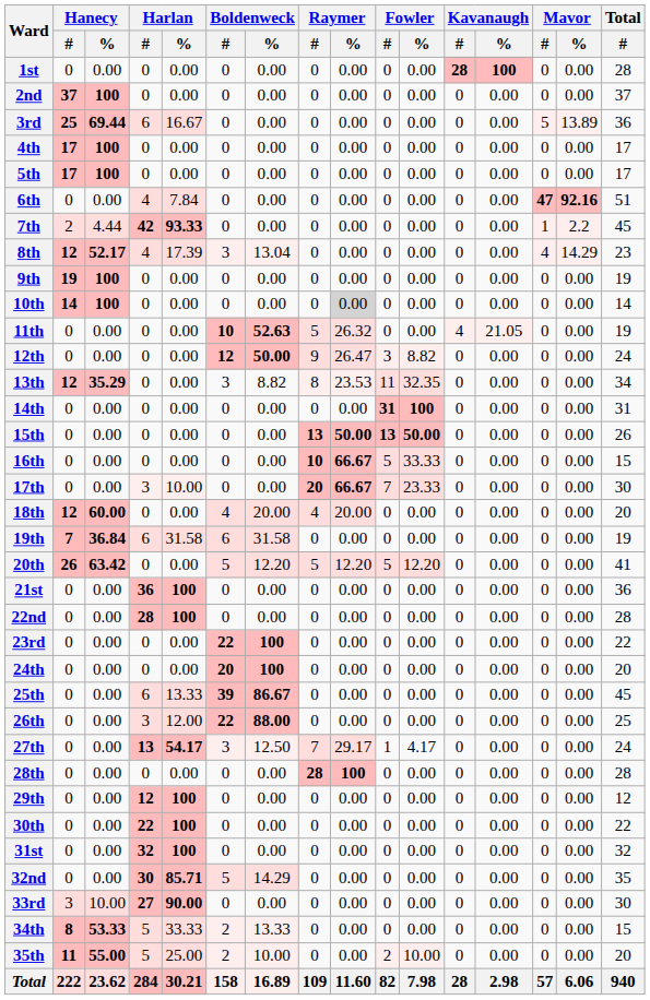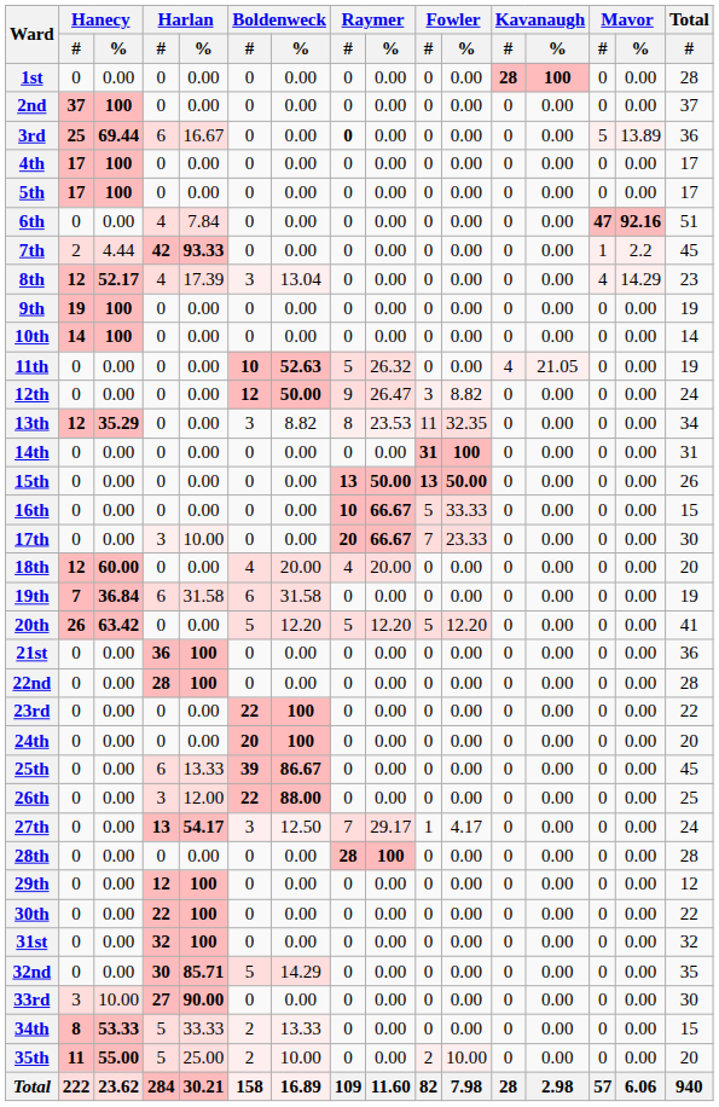 <table class="wikitable mw-collapsible mw-collapsed" style="text-align: center">
 <tr>
 <th rowspan=2>Ward</th>
 <th colspan=2><a href='#'>Hanecy</a></th>
 <th colspan=2><a href='#'>Harlan</a></th>
 <th colspan=2><a href='#'>Boldenweck</a></th>
 <th colspan=2><a href='#'>Raymer</a></th>
 <th colspan=2><a href='#'>Fowler</a></th>
 <th colspan=2><a href='#'>Kavanaugh</a></th>
 <th colspan=2><a href='#'>Mavor</a></th>
 <th>Total</th>
 </tr>
 <tr>
 <th>#</th>
 <th>%</th>
 <th>#</th>
 <th>%</th>
 <th>#</th>
 <th>%</th>
 <th>#</th>
 <th>%</th>
 <th>#</th>
 <th>%</th>
 <th>#</th>
 <th>%</th>
 <th>#</th>
 <th>%</th>
 <th>#</th>
 </tr>
 <tr>
 <th><a href='#'>1st</a></th>
 <td>0</td>
 <td>0.00</td>
 <td>0</td>
 <td>0.00</td>
 <td>0</td>
 <td>0.00</td>
 <td>0</td>
 <td>0.00</td>
 <td>0</td>
 <td>0.00</td>
 <td style="background:#fbb;"><strong>28</strong></td>
 <td style="background:#fbb;"><strong>100</strong></td>
 <td>0</td>
 <td>0.00</td>
 <td>28</td>
 </tr>
 <tr>
 <th><a href='#'>2nd</a></th>
 <td style="background:#fbb;"><strong>37</strong></td>
 <td style="background:#fbb;"><strong>100</strong></td>
 <td>0</td>
 <td>0.00</td>
 <td>0</td>
 <td>0.00</td>
 <td>0</td>
 <td>0.00</td>
 <td>0</td>
 <td>0.00</td>
 <td>0</td>
 <td>0.00</td>
 <td>0</td>
 <td>0.00</td>
 <td>37</td>
 </tr>
 <tr>
 <th><a href='#'>3rd</a></th>
 <td style="background:#fbb;"><strong>25</strong></td>
 <td style="background:#fbb;"><strong>69.44</strong></td>
 <td style="background:#fdd;">6</td>
 <td style="background:#fdd;">16.67</td>
 <td>0</td>
 <td>0.00</td>
-<td>0</td>
+<td><strong>0</strong></td>
 <td>0.00</td>
 <td>0</td>
 <td>0.00</td>
 <td>0</td>
 <td>0.00</td>
 <td style="background:#fee;">5</td>
 <td style="background:#feee;">13.89</td>
 <td>36</td>
 </tr>
 <tr>
 <th><a href='#'>4th</a></th>
 <td style="background:#fbb;"><strong>17</strong></td>
 <td style="background:#fbb;"><strong>100</strong></td>
 <td>0</td>
 <td>0.00</td>
 <td>0</td>
 <td>0.00</td>
 <td>0</td>
 <td>0.00</td>
 <td>0</td>
 <td>0.00</td>
 <td>0</td>
 <td>0.00</td>
 <td>0</td>
 <td>0.00</td>
 <td>17</td>
 </tr>
 <tr>
 <th><a href='#'>5th</a></th>
 <td style="background:#fbb;"><strong>17</strong></td>
 <td style="background:#fbb;"><strong>100</strong></td>
 <td>0</td>
 <td>0.00</td>
 <td>0</td>
 <td>0.00</td>
 <td>0</td>
 <td>0.00</td>
 <td>0</td>
 <td>0.00</td>
 <td>0</td>
 <td>0.00</td>
 <td>0</td>
 <td>0.00</td>
 <td>17</td>
 </tr>
 <tr>
 <th><a href='#'>6th</a></th>
 <td>0</td>
 <td>0.00</td>
 <td style="background:#fdd;">4</td>
 <td style="background:#fdd;">7.84</td>
 <td>0</td>
 <td>0.00</td>
 <td>0</td>
 <td>0.00</td>
 <td>0</td>
 <td>0.00</td>
 <td>0</td>
 <td>0.00</td>
 <td style="background:#fbb;"><strong>47</strong></td>
 <td style="background:#fbb;"><strong>92.16</strong></td>
 <td>51</td>
 </tr>
 <tr>
 <th><a href='#'>7th</a></th>
 <td style="background:#fdd;">2</td>
 <td style="background:#fdd;">4.44</td>
 <td style="background:#fbb;"><strong>42</strong></td>
 <td style="background:#fbb;"><strong>93.33</strong></td>
 <td>0</td>
 <td>0.00</td>
 <td>0</td>
 <td>0.00</td>
 <td>0</td>
 <td>0.00</td>
 <td>0</td>
 <td>0.00</td>
 <td style="background:#fee;">1</td>
 <td style="background:#fee;">2.2</td>
 <td>45</td>
 </tr>
 <tr>
 <th><a href='#'>8th</a></th>
 <td style="background:#fbb;"><strong>12</strong></td>
 <td style="background:#fbb;"><strong>52.17</strong></td>
 <td style="background:#fdd;">4</td>
 <td style="background:#fdd;">17.39</td>
 <td style="background:#fee;">3</td>
 <td style="background:#fee;">13.04</td>
 <td>0</td>
 <td>0.00</td>
 <td>0</td>
 <td>0.00</td>
 <td>0</td>
 <td>0.00</td>
 <td style="background:#fee;">4</td>
 <td style="background:#fee;">14.29</td>
 <td>23</td>
 </tr>
 <tr>
 <th><a href='#'>9th</a></th>
 <td style="background:#fbb;"><strong>19</strong></td>
 <td style="background:#fbb;"><strong>100</strong></td>
 <td>0</td>
 <td>0.00</td>
 <td>0</td>
 <td>0.00</td>
 <td>0</td>
 <td>0.00</td>
 <td>0</td>
 <td>0.00</td>
 <td>0</td>
 <td>0.00</td>
 <td>0</td>
 <td>0.00</td>
 <td>19</td>
 </tr>
 <tr>
 <th><a href='#'>10th</a></th>
 <td style="background:#fbb;"><strong>14</strong></td>
 <td style="background:#fbb;"><strong>100</strong></td>
 <td>0</td>
 <td>0.00</td>
 <td>0</td>
 <td>0.00</td>
 <td>0</td>
-<td style="background: lightgrey;">0.00</td>
+<td>0.00</td>
 <td>0</td>
 <td>0.00</td>
 <td>0</td>
 <td>0.00</td>
 <td>0</td>
 <td>0.00</td>
 <td>14</td>
 </tr>
 <tr>
 <th><a href='#'>11th</a></th>
 <td>0</td>
 <td>0.00</td>
 <td>0</td>
 <td>0.00</td>
 <td style="background:#fbb;"><strong>10</strong></td>
 <td style="background:#fbb;"><strong>52.63</strong></td>
 <td style="background:#fdd;">5</td>
 <td style="background:#fdd;">26.32</td>
 <td>0</td>
 <td>0.00</td>
 <td style="background:#fee;">4</td>
 <td style="background:#fee;">21.05</td>
 <td>0</td>
 <td>0.00</td>
 <td>19</td>
 </tr>
 <tr>
 <th><a href='#'>12th</a></th>
 <td>0</td>
 <td>0.00</td>
 <td>0</td>
 <td>0.00</td>
 <td style="background:#fbb;"><strong>12</strong></td>
 <td style="background:#fbb;"><strong>50.00</strong></td>
 <td style="background:#fdd;">9</td>
 <td style="background:#fdd;">26.47</td>
 <td style="background:#fee;">3</td>
 <td style="background:#fee;">8.82</td>
 <td>0</td>
 <td>0.00</td>
 <td>0</td>
 <td>0.00</td>
 <td>24</td>
 </tr>
 <tr>
 <th><a href='#'>13th</a></th>
 <td style="background:#fbb;"><strong>12</strong></td>
 <td style="background:#fbb;"><strong>35.29</strong></td>
 <td>0</td>
 <td>0.00</td>
 <td>3</td>
 <td>8.82</td>
 <td style="background:#fee;">8</td>
 <td style="background:#fee;">23.53</td>
 <td style="background:#fdd;">11</td>
 <td style="background:#fdd;">32.35</td>
 <td>0</td>
 <td>0.00</td>
 <td>0</td>
 <td>0.00</td>
 <td>34</td>
 </tr>
 <tr>
 <th><a href='#'>14th</a></th>
 <td>0</td>
 <td>0.00</td>
 <td>0</td>
 <td>0.00</td>
 <td>0</td>
 <td>0.00</td>
 <td>0</td>
 <td>0.00</td>
 <td style="background:#fbb;"><strong>31</strong></td>
 <td style="background:#fbb;"><strong>100</strong></td>
 <td>0</td>
 <td>0.00</td>
 <td>0</td>
 <td>0.00</td>
 <td>31</td>
 </tr>
 <tr>
 <th><a href='#'>15th</a></th>
 <td>0</td>
 <td>0.00</td>
 <td>0</td>
 <td>0.00</td>
 <td>0</td>
 <td>0.00</td>
 <td style="background:#fbb;"><strong>13</strong></td>
 <td style="background:#fbb;"><strong>50.00</strong></td>
 <td style="background:#fbb;"><strong>13</strong></td>
 <td style="background:#fbb;"><strong>50.00</strong></td>
 <td>0</td>
 <td>0.00</td>
 <td>0</td>
 <td>0.00</td>
 <td>26</td>
 </tr>
 <tr>
 <th><a href='#'>16th</a></th>
 <td>0</td>
 <td>0.00</td>
 <td>0</td>
 <td>0.00</td>
 <td>0</td>
 <td>0.00</td>
 <td style="background:#fbb;"><strong>10 </strong></td>
 <td style="background:#fbb;"><strong>66.67</strong></td>
 <td style="background:#fdd;">5</td>
 <td style="background:#fdd;">33.33</td>
 <td>0</td>
 <td>0.00</td>
 <td>0</td>
 <td>0.00</td>
 <td>15</td>
 </tr>
 <tr>
 <th><a href='#'>17th</a></th>
 <td>0</td>
 <td>0.00</td>
 <td style="background:#fee;">3</td>
 <td style="background:#fee;">10.00</td>
 <td>0</td>
 <td>0.00</td>
 <td style="background:#fbb;"><strong>20</strong></td>
 <td style="background:#fbb;"><strong>66.67</strong></td>
 <td style="background:#fdd;">7</td>
 <td style="background:#fdd;">23.33</td>
 <td>0</td>
 <td>0.00</td>
 <td>0</td>
 <td>0.00</td>
 <td>30</td>
 </tr>
 <tr>
 <th><a href='#'>18th</a></th>
 <td style="background:#fbb;"><strong>12</strong></td>
 <td style="background:#fbb;"><strong>60.00</strong></td>
 <td>0</td>
 <td>0.00</td>
 <td style="background:#fdd;">4</td>
 <td style="background:#fdd;">20.00</td>
 <td style="background:#fdd;">4</td>
 <td style="background:#fdd;">20.00</td>
 <td>0</td>
 <td>0.00</td>
 <td>0</td>
 <td>0.00</td>
 <td>0</td>
 <td>0.00</td>
 <td>20</td>
 </tr>
 <tr>
 <th><a href='#'>19th</a></th>
 <td style="background:#fbb;"><strong>7</strong></td>
 <td style="background:#fbb;"><strong>36.84</strong></td>
 <td style="background:#fdd;">6</td>
 <td style="background:#fdd;">31.58</td>
 <td style="background:#fdd;">6</td>
 <td style="background:#fdd;">31.58</td>
 <td>0</td>
 <td>0.00</td>
 <td>0</td>
 <td>0.00</td>
 <td>0</td>
 <td>0.00</td>
 <td>0</td>
 <td>0.00</td>
 <td>19</td>
 </tr>
 <tr>
 <th><a href='#'>20th</a></th>
 <td style="background:#fbb;"><strong>26</strong></td>
 <td style="background:#fbb;"><strong>63.42</strong></td>
 <td>0</td>
 <td>0.00</td>
 <td style="background:#fdd;">5</td>
 <td style="background:#fdd;">12.20</td>
 <td style="background:#fdd;">5</td>
 <td style="background:#fdd;">12.20</td>
 <td style="background:#fdd;">5</td>
 <td style="background:#fdd;">12.20</td>
 <td>0</td>
 <td>0.00</td>
 <td>0</td>
 <td>0.00</td>
 <td>41</td>
 </tr>
 <tr>
 <th><a href='#'>21st</a></th>
 <td>0</td>
 <td>0.00</td>
 <td style="background:#fbb;"><strong>36</strong></td>
 <td style="background:#fbb;"><strong>100</strong></td>
 <td>0</td>
 <td>0.00</td>
 <td>0</td>
 <td>0.00</td>
 <td>0</td>
 <td>0.00</td>
 <td>0</td>
 <td>0.00</td>
 <td>0</td>
 <td>0.00</td>
 <td>36</td>
 </tr>
 <tr>
 <th><a href='#'>22nd</a></th>
 <td>0</td>
 <td>0.00</td>
 <td style="background:#fbb;"><strong>28</strong></td>
 <td style="background:#fbb;"><strong>100</strong></td>
 <td>0</td>
 <td>0.00</td>
 <td>0</td>
 <td>0.00</td>
 <td>0</td>
 <td>0.00</td>
 <td>0</td>
 <td>0.00</td>
 <td>0</td>
 <td>0.00</td>
 <td>28</td>
 </tr>
 <tr>
 <th><a href='#'>23rd</a></th>
 <td>0</td>
 <td>0.00</td>
 <td>0</td>
 <td>0.00</td>
 <td style="background:#fbb;"><strong>22</strong></td>
 <td style="background:#fbb;"><strong>100</strong></td>
 <td>0</td>
 <td>0.00</td>
 <td>0</td>
 <td>0.00</td>
 <td>0</td>
 <td>0.00</td>
 <td>0</td>
 <td>0.00</td>
 <td>22</td>
 </tr>
 <tr>
 <th><a href='#'>24th</a></th>
 <td>0</td>
 <td>0.00</td>
 <td>0</td>
 <td>0.00</td>
 <td style="background:#fbb;"><strong>20</strong></td>
 <td style="background:#fbb;"><strong>100</strong></td>
 <td>0</td>
 <td>0.00</td>
 <td>0</td>
 <td>0.00</td>
 <td>0</td>
 <td>0.00</td>
 <td>0</td>
 <td>0.00</td>
 <td>20</td>
 </tr>
 <tr>
 <th><a href='#'>25th</a></th>
 <td>0</td>
 <td>0.00</td>
 <td style="background:#fdd;">6</td>
 <td style="background:#fdd;">13.33</td>
 <td style="background:#fbb;"><strong>39</strong></td>
 <td style="background:#fbb;"><strong>86.67</strong></td>
 <td>0</td>
 <td>0.00</td>
 <td>0</td>
 <td>0.00</td>
 <td>0</td>
 <td>0.00</td>
 <td>0</td>
 <td>0.00</td>
 <td>45</td>
 </tr>
 <tr>
 <th><a href='#'>26th</a></th>
 <td>0</td>
 <td>0.00</td>
 <td style="background:#fdd;">3</td>
 <td style="background:#fdd;">12.00</td>
 <td style="background:#fbb;"><strong>22</strong></td>
 <td style="background:#fbb;"><strong>88.00</strong></td>
 <td>0</td>
 <td>0.00</td>
 <td>0</td>
 <td>0.00</td>
 <td>0</td>
 <td>0.00</td>
 <td>0</td>
 <td>0.00</td>
 <td>25</td>
 </tr>
 <tr>
 <th><a href='#'>27th</a></th>
 <td>0</td>
 <td>0.00</td>
 <td style="background:#fbb;"><strong>13</strong></td>
 <td style="background:#fbb;"><strong>54.17</strong></td>
 <td style="background:#fee;">3</td>
 <td style="background:#fee;">12.50</td>
 <td style="background:#fdd;">7</td>
 <td style="background:#fdd;">29.17</td>
 <td>1</td>
 <td>4.17</td>
 <td>0</td>
 <td>0.00</td>
 <td>0</td>
 <td>0.00</td>
 <td>24</td>
 </tr>
 <tr>
 <th><a href='#'>28th</a></th>
 <td>0</td>
 <td>0.00</td>
 <td>0</td>
 <td>0.00</td>
 <td>0</td>
 <td>0.00</td>
 <td style="background:#fbb;"><strong>28</strong></td>
 <td style="background:#fbb;"><strong>100</strong></td>
 <td>0</td>
 <td>0.00</td>
 <td>0</td>
 <td>0.00</td>
 <td>0</td>
 <td>0.00</td>
 <td>28</td>
 </tr>
 <tr>
 <th><a href='#'>29th</a></th>
 <td>0</td>
 <td>0.00</td>
 <td style="background:#fbb;"><strong>12</strong></td>
 <td style="background:#fbb;"><strong>100</strong></td>
 <td>0</td>
 <td>0.00</td>
 <td>0</td>
 <td>0.00</td>
 <td>0</td>
 <td>0.00</td>
 <td>0</td>
 <td>0.00</td>
 <td>0</td>
 <td>0.00</td>
 <td>12</td>
 </tr>
 <tr>
 <th><a href='#'>30th</a></th>
 <td>0</td>
 <td>0.00</td>
 <td style="background:#fbb;"><strong>22</strong></td>
 <td style="background:#fbb;"><strong>100</strong></td>
 <td>0</td>
 <td>0.00</td>
 <td>0</td>
 <td>0.00</td>
 <td>0</td>
 <td>0.00</td>
 <td>0</td>
 <td>0.00</td>
 <td>0</td>
 <td>0.00</td>
 <td>22</td>
 </tr>
 <tr>
 <th><a href='#'>31st</a></th>
 <td>0</td>
 <td>0.00</td>
 <td style="background:#fbb;"><strong>32</strong></td>
 <td style="background:#fbb;"><strong>100</strong></td>
 <td>0</td>
 <td>0.00</td>
 <td>0</td>
 <td>0.00</td>
 <td>0</td>
 <td>0.00</td>
 <td>0</td>
 <td>0.00</td>
 <td>0</td>
 <td>0.00</td>
 <td>32</td>
 </tr>
 <tr>
 <th><a href='#'>32nd</a></th>
 <td>0</td>
 <td>0.00</td>
 <td style="background:#fbb;"><strong>30</strong></td>
 <td style="background:#fbb;"><strong>85.71</strong></td>
 <td style="background:#fdd;">5</td>
 <td style="background:#fdd;">14.29</td>
 <td>0</td>
 <td>0.00</td>
 <td>0</td>
 <td>0.00</td>
 <td>0</td>
 <td>0.00</td>
 <td>0</td>
 <td>0.00</td>
 <td>35</td>
 </tr>
 <tr>
 <th><a href='#'>33rd</a></th>
 <td style="background:#fdd;">3</td>
 <td style="background:#fdd;">10.00</td>
 <td style="background:#fbb;"><strong>27</strong></td>
 <td style="background:#fbb;"><strong>90.00</strong></td>
 <td>0</td>
 <td>0.00</td>
 <td>0</td>
 <td>0.00</td>
 <td>0</td>
 <td>0.00</td>
 <td>0</td>
 <td>0.00</td>
 <td>0</td>
 <td>0.00</td>
 <td>30</td>
 </tr>
 <tr>
 <th><a href='#'>34th</a></th>
 <td style="background:#fbb;"><strong>8</strong></td>
 <td style="background:#fbb;"><strong>53.33</strong></td>
 <td style="background:#fdd;">5</td>
 <td style="background:#fdd;">33.33</td>
 <td style="background:#fee;">2</td>
 <td style="background:#fee;">13.33</td>
 <td>0</td>
 <td>0.00</td>
 <td>0</td>
 <td>0.00</td>
 <td>0</td>
 <td>0.00</td>
 <td>0</td>
 <td>0.00</td>
 <td>15</td>
 </tr>
 <tr>
 <th><a href='#'>35th</a></th>
 <td style="background:#fbb;"><strong>11</strong></td>
 <td style="background:#fbb;"><strong>55.00</strong></td>
 <td style="background:#fdd;">5</td>
 <td style="background:#fdd;">25.00</td>
 <td style="background:#fee;">2</td>
 <td style="background:#fee;">10.00</td>
 <td>0</td>
 <td>0.00</td>
 <td style="background:#fee;">2</td>
 <td style="background:#fee;">10.00</td>
 <td>0</td>
 <td>0.00</td>
 <td>0</td>
 <td>0.00</td>
 <td>20</td>
 </tr>
 <tr>
 <th><em>Total</em></th>
 <th style="background:#fdd;">222</th>
 <th style="background:#fdd;">23.62</th>
 <th style="background:#fbb;"><strong>284</strong></th>
 <th style="background:#fbb;"><strong>30.21</strong></th>
 <th style="background:#fee;">158</th>
 <th style="background:#fee;">16.89</th>
 <th>109</th>
 <th>11.60</th>
 <th>82</th>
 <th>7.98</th>
 <th>28</th>
 <th>2.98</th>
 <th>57</th>
 <th>6.06</th>
 <th>940</th>
 </tr>
 </table>
